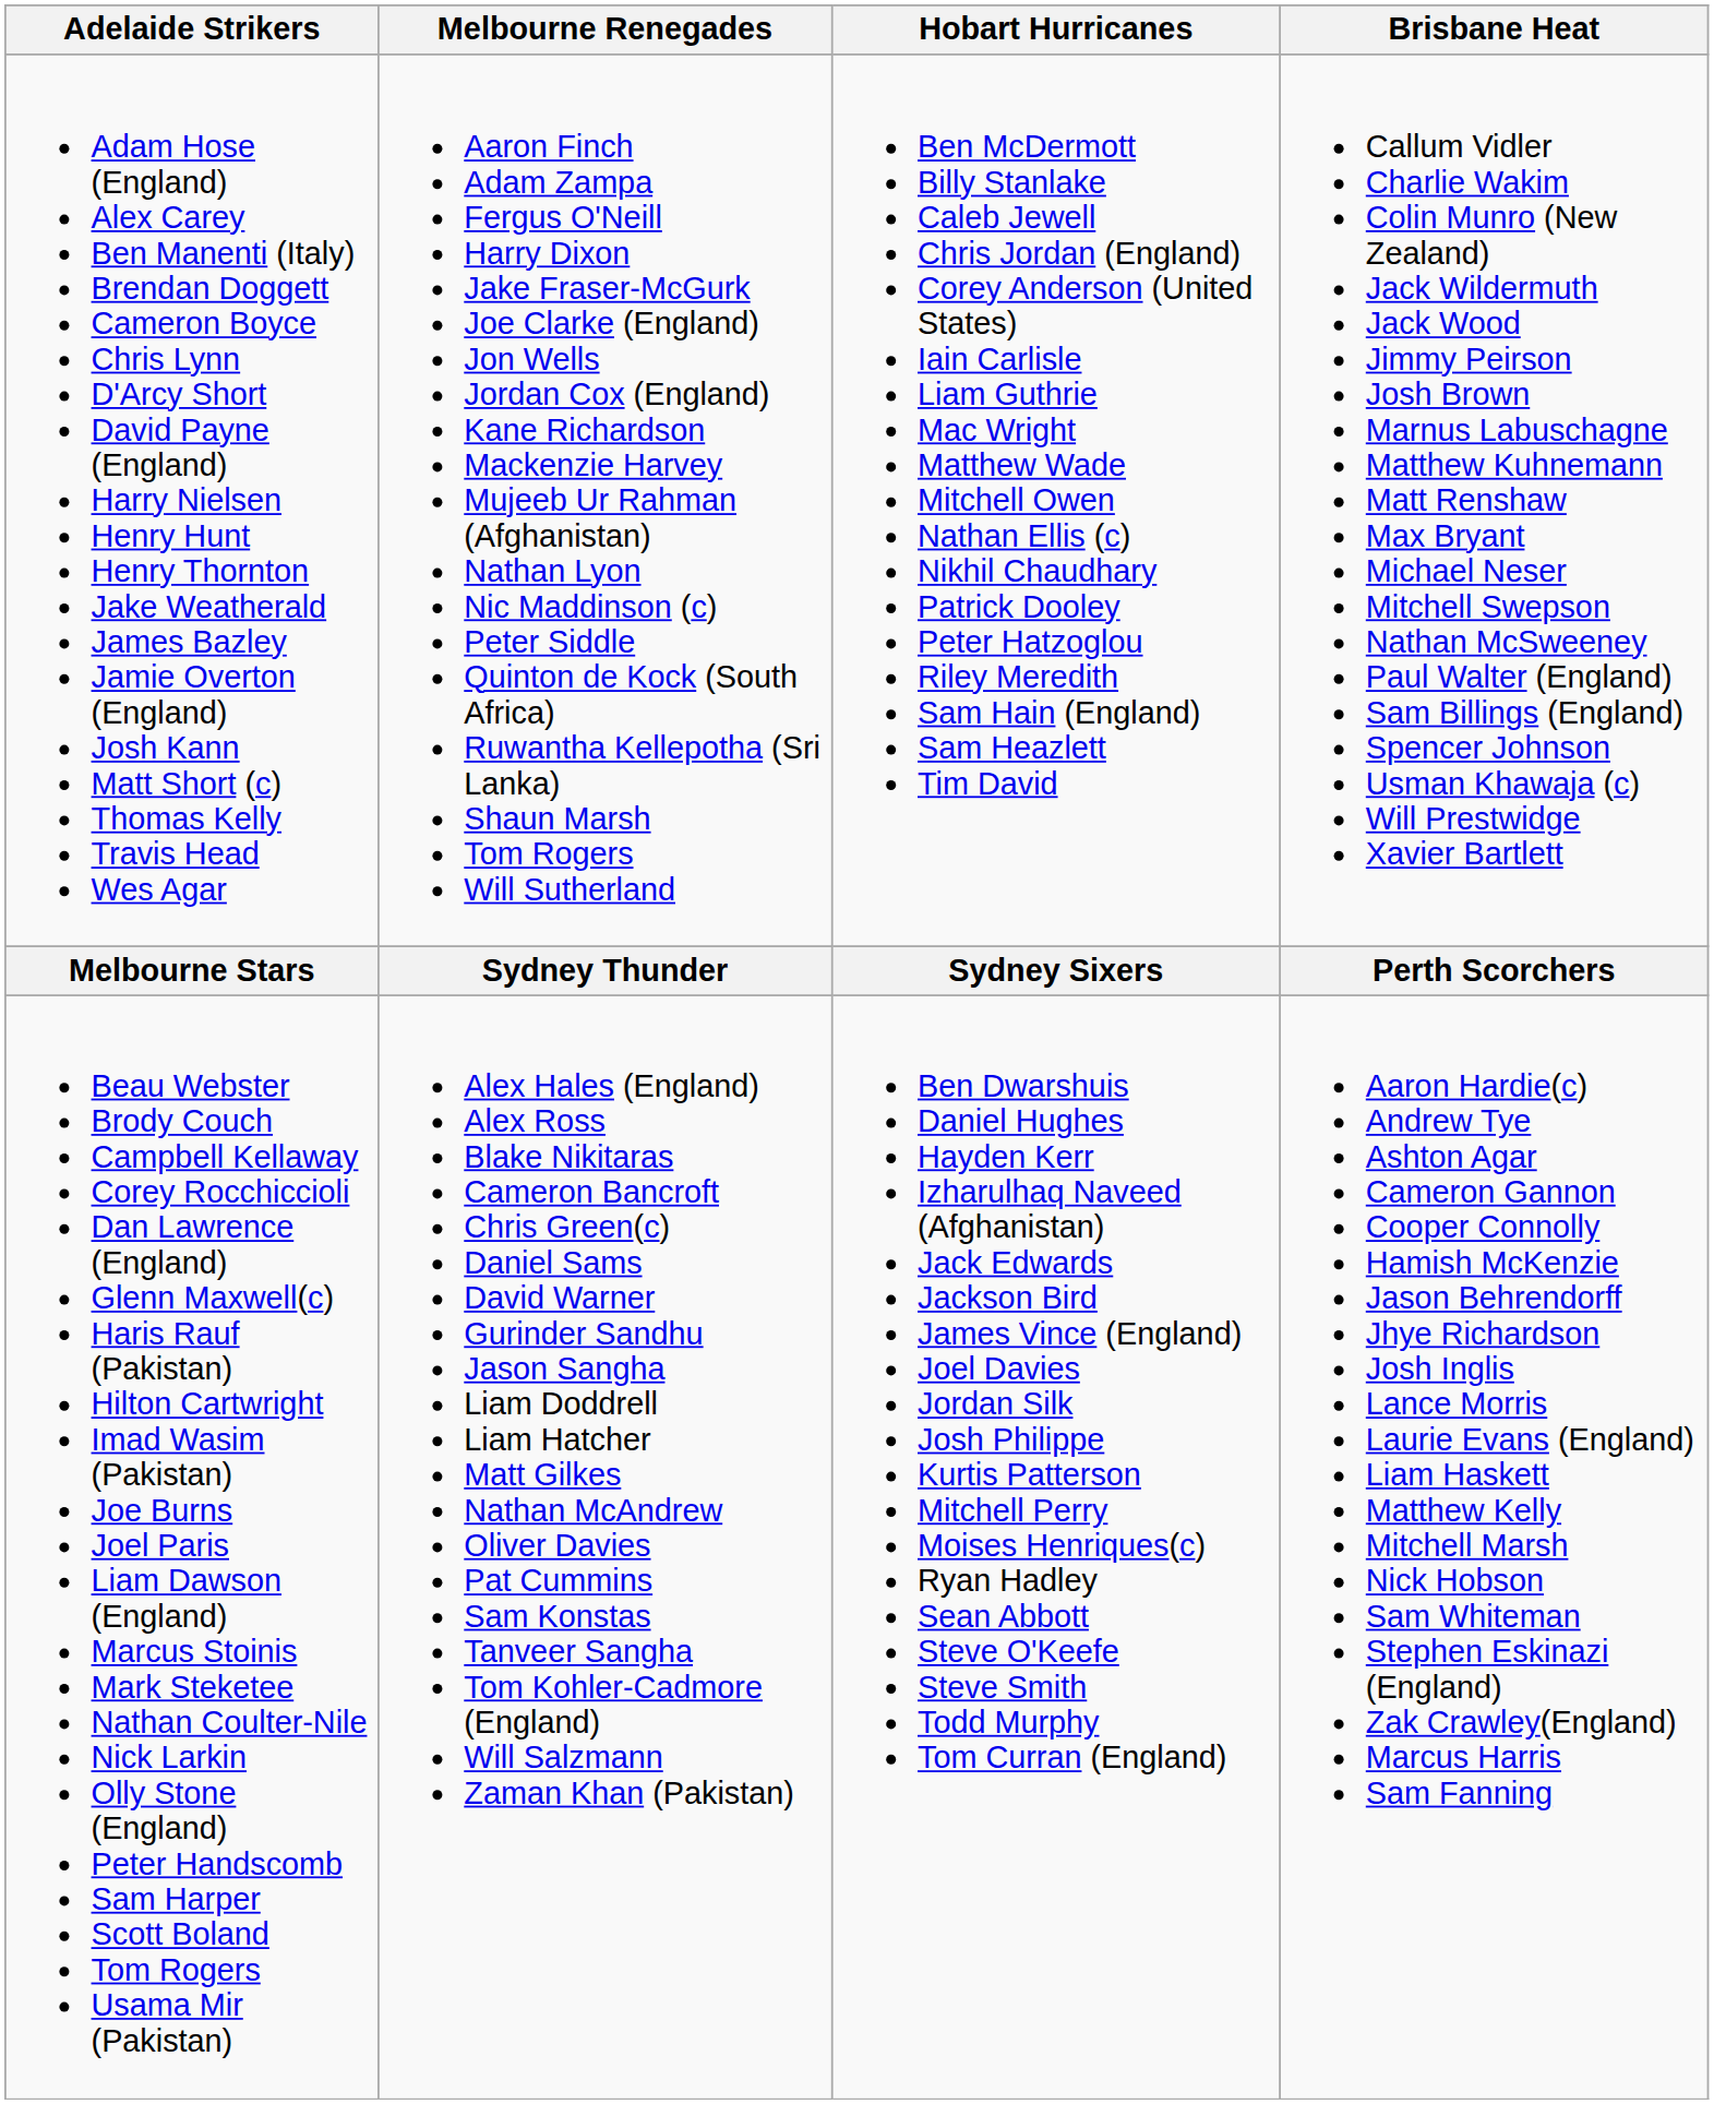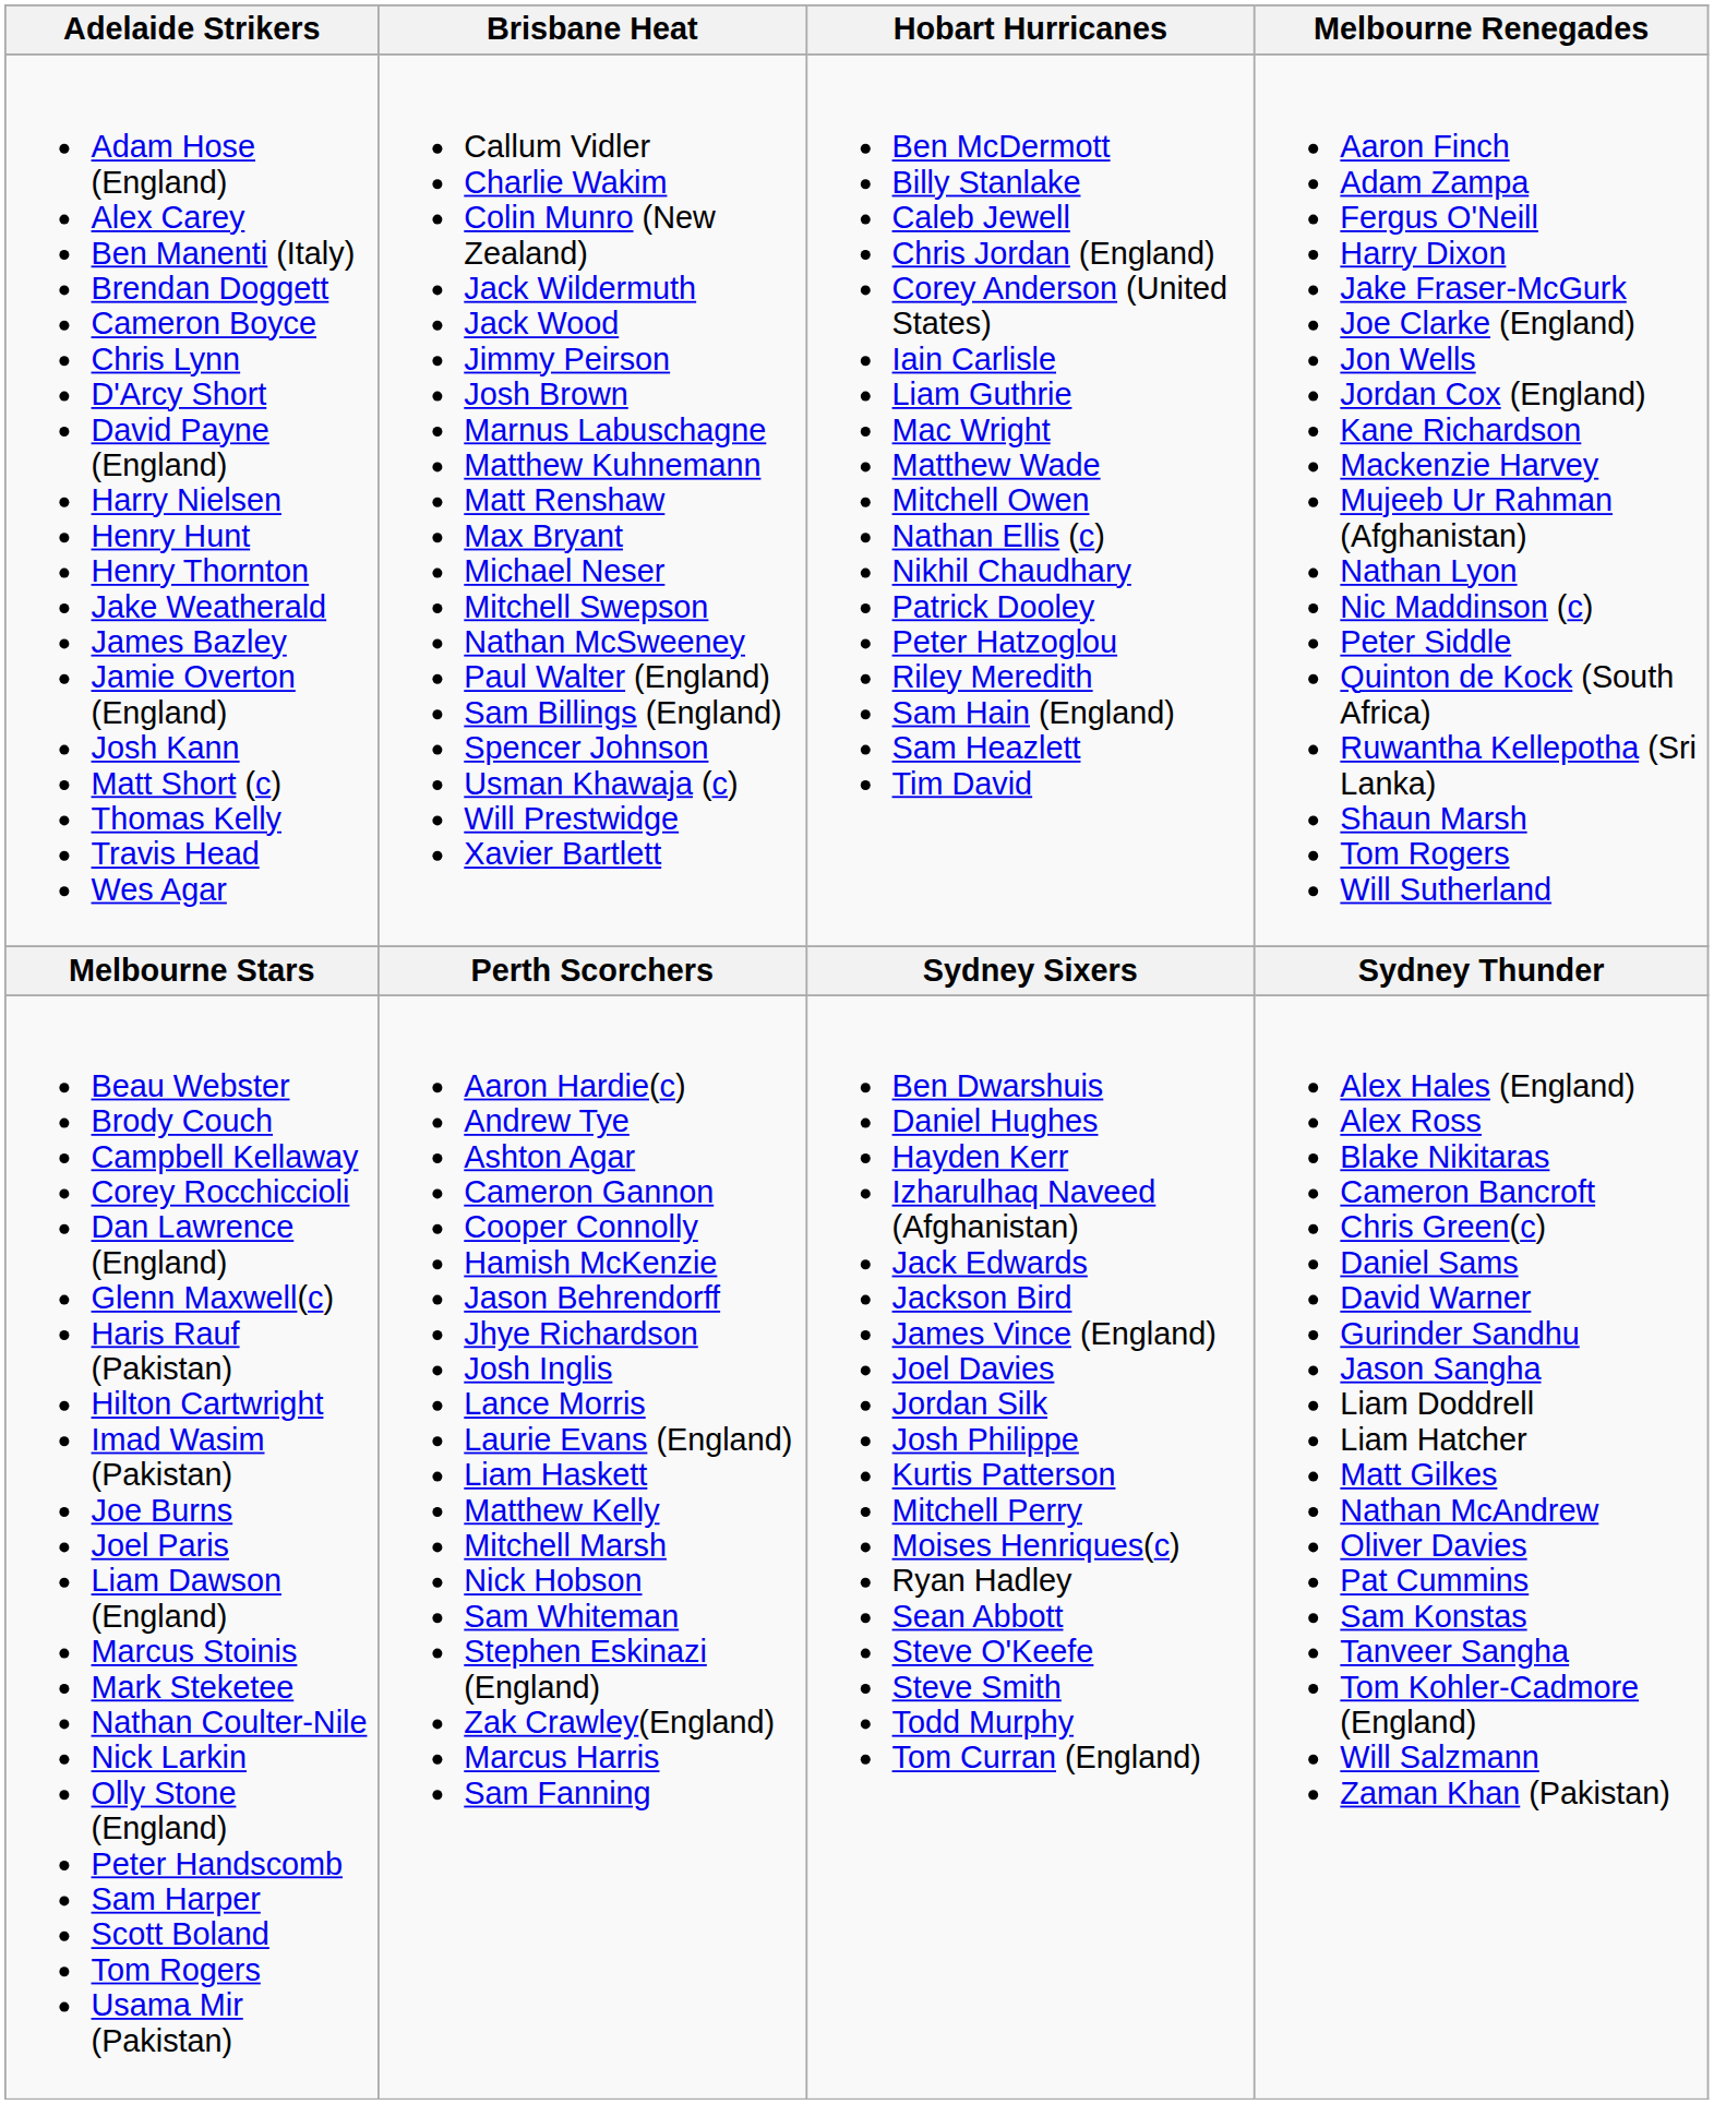 <table class="wikitable">
 <tr>
 <th>Adelaide Strikers</th>
+<th>Brisbane Heat</th>
+<th>Hobart Hurricanes</th>
 <th>Melbourne Renegades</th>
-<th>Hobart Hurricanes</th>
-<th>Brisbane Heat</th>
 </tr>
 <tr>
 <td valign="top"><br><ul><li><a href='#'>Adam Hose</a> (England)</li><li><a href='#'>Alex Carey</a></li><li><a href='#'>Ben Manenti</a> (Italy)</li><li><a href='#'>Brendan Doggett</a></li><li><a href='#'>Cameron Boyce</a></li><li><a href='#'>Chris Lynn</a></li><li><a href='#'>D'Arcy Short</a></li><li><a href='#'>David Payne</a> (England)</li><li><a href='#'>Harry Nielsen</a></li><li><a href='#'>Henry Hunt</a></li><li><a href='#'>Henry Thornton</a></li><li><a href='#'>Jake Weatherald</a></li><li><a href='#'>James Bazley</a></li><li><a href='#'>Jamie Overton</a> (England)</li><li><a href='#'>Josh Kann</a></li><li><a href='#'>Matt Short</a> (<a href='#'>c</a>)</li><li><a href='#'>Thomas Kelly</a></li><li><a href='#'>Travis Head</a></li><li><a href='#'>Wes Agar</a></li></ul></td>
+<td valign="top"><br><ul><li>Callum Vidler</li><li><a href='#'>Charlie Wakim</a></li><li><a href='#'>Colin Munro</a> (New Zealand)</li><li><a href='#'>Jack Wildermuth</a></li><li><a href='#'>Jack Wood</a></li><li><a href='#'>Jimmy Peirson</a></li><li><a href='#'>Josh Brown</a></li><li><a href='#'>Marnus Labuschagne</a></li><li><a href='#'>Matthew Kuhnemann</a></li><li><a href='#'>Matt Renshaw</a></li><li><a href='#'>Max Bryant</a></li><li><a href='#'>Michael Neser</a></li><li><a href='#'>Mitchell Swepson</a></li><li><a href='#'>Nathan McSweeney</a></li><li><a href='#'>Paul Walter</a> (England)</li><li><a href='#'>Sam Billings</a> (England)</li><li><a href='#'>Spencer Johnson</a></li><li><a href='#'>Usman Khawaja</a> (<a href='#'>c</a>)</li><li><a href='#'>Will Prestwidge</a></li><li><a href='#'>Xavier Bartlett</a></li></ul></td>
+<td valign="top"><br><ul><li><a href='#'>Ben McDermott</a></li><li><a href='#'>Billy Stanlake</a></li><li><a href='#'>Caleb Jewell</a></li><li><a href='#'>Chris Jordan</a> (England)</li><li><a href='#'>Corey Anderson</a> (United States)</li><li><a href='#'>Iain Carlisle</a></li><li><a href='#'>Liam Guthrie</a></li><li><a href='#'>Mac Wright</a></li><li><a href='#'>Matthew Wade</a></li><li><a href='#'>Mitchell Owen</a></li><li><a href='#'>Nathan Ellis</a> (<a href='#'>c</a>)</li><li><a href='#'>Nikhil Chaudhary</a></li><li><a href='#'>Patrick Dooley</a></li><li><a href='#'>Peter Hatzoglou</a></li><li><a href='#'>Riley Meredith</a></li><li><a href='#'>Sam Hain</a> (England)</li><li><a href='#'>Sam Heazlett</a></li><li><a href='#'>Tim David</a></li></ul></td>
 <td valign="top"><br><ul><li><a href='#'>Aaron Finch</a></li><li><a href='#'>Adam Zampa</a></li><li><a href='#'>Fergus O'Neill</a></li><li><a href='#'>Harry Dixon</a></li><li><a href='#'>Jake Fraser-McGurk</a></li><li><a href='#'>Joe Clarke</a> (England)</li><li><a href='#'>Jon Wells</a></li><li><a href='#'>Jordan Cox</a> (England)</li><li><a href='#'>Kane Richardson</a></li><li><a href='#'>Mackenzie Harvey</a></li><li><a href='#'>Mujeeb Ur Rahman</a> (Afghanistan)</li><li><a href='#'>Nathan Lyon</a></li><li><a href='#'>Nic Maddinson</a> (<a href='#'>c</a>)</li><li><a href='#'>Peter Siddle</a></li><li><a href='#'>Quinton de Kock</a> (South Africa)</li><li><a href='#'>Ruwantha Kellepotha</a> (Sri Lanka)</li><li><a href='#'>Shaun Marsh</a></li><li><a href='#'>Tom Rogers</a></li><li><a href='#'>Will Sutherland</a></li></ul></td>
-<td valign="top"><br><ul><li><a href='#'>Ben McDermott</a></li><li><a href='#'>Billy Stanlake</a></li><li><a href='#'>Caleb Jewell</a></li><li><a href='#'>Chris Jordan</a> (England)</li><li><a href='#'>Corey Anderson</a> (United States)</li><li><a href='#'>Iain Carlisle</a></li><li><a href='#'>Liam Guthrie</a></li><li><a href='#'>Mac Wright</a></li><li><a href='#'>Matthew Wade</a></li><li><a href='#'>Mitchell Owen</a></li><li><a href='#'>Nathan Ellis</a> (<a href='#'>c</a>)</li><li><a href='#'>Nikhil Chaudhary</a></li><li><a href='#'>Patrick Dooley</a></li><li><a href='#'>Peter Hatzoglou</a></li><li><a href='#'>Riley Meredith</a></li><li><a href='#'>Sam Hain</a> (England)</li><li><a href='#'>Sam Heazlett</a></li><li><a href='#'>Tim David</a></li></ul></td>
-<td valign="top"><br><ul><li>Callum Vidler</li><li><a href='#'>Charlie Wakim</a></li><li><a href='#'>Colin Munro</a> (New Zealand)</li><li><a href='#'>Jack Wildermuth</a></li><li><a href='#'>Jack Wood</a></li><li><a href='#'>Jimmy Peirson</a></li><li><a href='#'>Josh Brown</a></li><li><a href='#'>Marnus Labuschagne</a></li><li><a href='#'>Matthew Kuhnemann</a></li><li><a href='#'>Matt Renshaw</a></li><li><a href='#'>Max Bryant</a></li><li><a href='#'>Michael Neser</a></li><li><a href='#'>Mitchell Swepson</a></li><li><a href='#'>Nathan McSweeney</a></li><li><a href='#'>Paul Walter</a> (England)</li><li><a href='#'>Sam Billings</a> (England)</li><li><a href='#'>Spencer Johnson</a></li><li><a href='#'>Usman Khawaja</a> (<a href='#'>c</a>)</li><li><a href='#'>Will Prestwidge</a></li><li><a href='#'>Xavier Bartlett</a></li></ul></td>
 </tr>
 <tr>
 <th>Melbourne Stars</th>
+<th>Perth Scorchers</th>
+<th>Sydney Sixers</th>
 <th>Sydney Thunder</th>
-<th>Sydney Sixers</th>
-<th>Perth Scorchers</th>
 </tr>
 <tr>
 <td valign="top"><br><ul><li><a href='#'>Beau Webster</a></li><li><a href='#'>Brody Couch</a></li><li><a href='#'>Campbell Kellaway</a></li><li><a href='#'>Corey Rocchiccioli</a></li><li><a href='#'>Dan Lawrence</a> (England)</li><li><a href='#'>Glenn Maxwell</a>(<a href='#'>c</a>)</li><li><a href='#'>Haris Rauf</a> (Pakistan)</li><li><a href='#'>Hilton Cartwright</a></li><li><a href='#'>Imad Wasim</a> (Pakistan)</li><li><a href='#'>Joe Burns</a></li><li><a href='#'>Joel Paris</a></li><li><a href='#'>Liam Dawson</a> (England)</li><li><a href='#'>Marcus Stoinis</a></li><li><a href='#'>Mark Steketee</a></li><li><a href='#'>Nathan Coulter-Nile</a></li><li><a href='#'>Nick Larkin</a></li><li><a href='#'>Olly Stone</a> (England)</li><li><a href='#'>Peter Handscomb</a></li><li><a href='#'>Sam Harper</a></li><li><a href='#'>Scott Boland</a></li><li><a href='#'>Tom Rogers</a></li><li><a href='#'>Usama Mir</a> (Pakistan)</li></ul></td>
+<td valign="top"><br><ul><li><a href='#'>Aaron Hardie</a>(<a href='#'>c</a>)</li><li><a href='#'>Andrew Tye</a></li><li><a href='#'>Ashton Agar</a></li><li><a href='#'>Cameron Gannon</a></li><li><a href='#'>Cooper Connolly</a></li><li><a href='#'>Hamish McKenzie</a></li><li><a href='#'>Jason Behrendorff</a></li><li><a href='#'>Jhye Richardson</a></li><li><a href='#'>Josh Inglis</a></li><li><a href='#'>Lance Morris</a></li><li><a href='#'>Laurie Evans</a> (England)</li><li><a href='#'>Liam Haskett</a></li><li><a href='#'>Matthew Kelly</a></li><li><a href='#'>Mitchell Marsh</a></li><li><a href='#'>Nick Hobson</a></li><li><a href='#'>Sam Whiteman</a></li><li><a href='#'>Stephen Eskinazi</a> (England)</li><li><a href='#'>Zak Crawley</a>(England)</li><li><a href='#'>Marcus Harris</a></li><li><a href='#'>Sam Fanning</a></li></ul></td>
+<td valign="top"><br><ul><li><a href='#'>Ben Dwarshuis</a></li><li><a href='#'>Daniel Hughes</a></li><li><a href='#'>Hayden Kerr</a></li><li><a href='#'>Izharulhaq Naveed</a> (Afghanistan)</li><li><a href='#'>Jack Edwards</a></li><li><a href='#'>Jackson Bird</a></li><li><a href='#'>James Vince</a> (England)</li><li><a href='#'>Joel Davies</a></li><li><a href='#'>Jordan Silk</a></li><li><a href='#'>Josh Philippe</a></li><li><a href='#'>Kurtis Patterson</a></li><li><a href='#'>Mitchell Perry</a></li><li><a href='#'>Moises Henriques</a>(<a href='#'>c</a>)</li><li>Ryan Hadley</li><li><a href='#'>Sean Abbott</a></li><li><a href='#'>Steve O'Keefe</a></li><li><a href='#'>Steve Smith</a></li><li><a href='#'>Todd Murphy</a></li><li><a href='#'>Tom Curran</a> (England)</li></ul></td>
 <td valign="top"><br><ul><li><a href='#'>Alex Hales</a> (England)</li><li><a href='#'>Alex Ross</a></li><li><a href='#'>Blake Nikitaras</a></li><li><a href='#'>Cameron Bancroft</a></li><li><a href='#'>Chris Green</a>(<a href='#'>c</a>)</li><li><a href='#'>Daniel Sams</a></li><li><a href='#'>David Warner</a></li><li><a href='#'>Gurinder Sandhu</a></li><li><a href='#'>Jason Sangha</a></li><li>Liam Doddrell</li><li>Liam Hatcher</li><li><a href='#'>Matt Gilkes</a></li><li><a href='#'>Nathan McAndrew</a></li><li><a href='#'>Oliver Davies</a></li><li><a href='#'>Pat Cummins</a></li><li><a href='#'>Sam Konstas</a></li><li><a href='#'>Tanveer Sangha</a></li><li><a href='#'>Tom Kohler-Cadmore</a> (England)</li><li><a href='#'>Will Salzmann</a></li><li><a href='#'>Zaman Khan</a> (Pakistan)</li></ul></td>
-<td valign="top"><br><ul><li><a href='#'>Ben Dwarshuis</a></li><li><a href='#'>Daniel Hughes</a></li><li><a href='#'>Hayden Kerr</a></li><li><a href='#'>Izharulhaq Naveed</a> (Afghanistan)</li><li><a href='#'>Jack Edwards</a></li><li><a href='#'>Jackson Bird</a></li><li><a href='#'>James Vince</a> (England)</li><li><a href='#'>Joel Davies</a></li><li><a href='#'>Jordan Silk</a></li><li><a href='#'>Josh Philippe</a></li><li><a href='#'>Kurtis Patterson</a></li><li><a href='#'>Mitchell Perry</a></li><li><a href='#'>Moises Henriques</a>(<a href='#'>c</a>)</li><li>Ryan Hadley</li><li><a href='#'>Sean Abbott</a></li><li><a href='#'>Steve O'Keefe</a></li><li><a href='#'>Steve Smith</a></li><li><a href='#'>Todd Murphy</a></li><li><a href='#'>Tom Curran</a> (England)</li></ul></td>
-<td valign="top"><br><ul><li><a href='#'>Aaron Hardie</a>(<a href='#'>c</a>)</li><li><a href='#'>Andrew Tye</a></li><li><a href='#'>Ashton Agar</a></li><li><a href='#'>Cameron Gannon</a></li><li><a href='#'>Cooper Connolly</a></li><li><a href='#'>Hamish McKenzie</a></li><li><a href='#'>Jason Behrendorff</a></li><li><a href='#'>Jhye Richardson</a></li><li><a href='#'>Josh Inglis</a></li><li><a href='#'>Lance Morris</a></li><li><a href='#'>Laurie Evans</a> (England)</li><li><a href='#'>Liam Haskett</a></li><li><a href='#'>Matthew Kelly</a></li><li><a href='#'>Mitchell Marsh</a></li><li><a href='#'>Nick Hobson</a></li><li><a href='#'>Sam Whiteman</a></li><li><a href='#'>Stephen Eskinazi</a> (England)</li><li><a href='#'>Zak Crawley</a>(England)</li><li><a href='#'>Marcus Harris</a></li><li><a href='#'>Sam Fanning</a></li></ul></td>
 </tr>
 </table>
